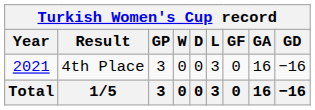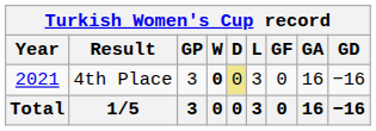 <table class="wikitable" style="text-align: center ;">
 <tr>
 <th colspan=9> <strong><a href='#'>Turkish Women's Cup</a> record</strong></th>
 </tr>
 <tr>
 <th>Year</th>
 <th>Result</th>
 <th>GP</th>
 <th>W</th>
 <th>D</th>
 <th>L</th>
 <th>GF</th>
 <th>GA</th>
 <th>GD</th>
 </tr>
 <tr>
 <td><a href='#'>2021</a></td>
 <td>4th Place</td>
 <td>3</td>
-<td>0</td>
-<td>0</td>
+<td><strong>0</strong></td>
+<td style="background: khaki;">0</td>
 <td>3</td>
 <td>0</td>
 <td>16</td>
 <td>−16</td>
 </tr>
 <tr>
 <th>Total</th>
 <th>1/5</th>
 <th>3</th>
 <th>0</th>
 <th>0</th>
 <th>3</th>
 <th>0</th>
 <th>16</th>
 <th>−16</th>
 </tr>
 </table>
